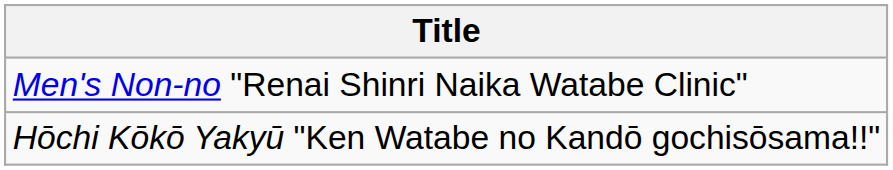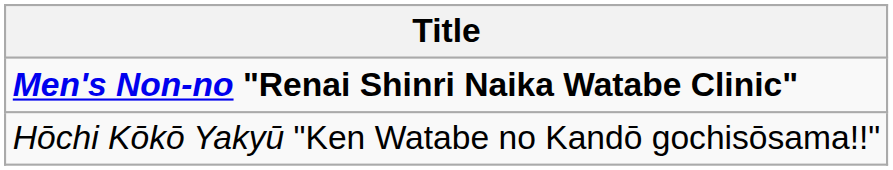 <table class="wikitable">
 <tr>
 <th>Title</th>
 </tr>
 <tr>
-<td><em><a href='#'>Men's Non-no</a></em> "Renai Shinri Naika Watabe Clinic"</td>
+<td><strong><em><a href='#'>Men's Non-no</a></em> "Renai Shinri Naika Watabe Clinic"</strong></td>
 </tr>
 <tr>
 <td><em>Hōchi Kōkō Yakyū</em> "Ken Watabe no Kandō gochisōsama!!"</td>
 </tr>
 </table>
